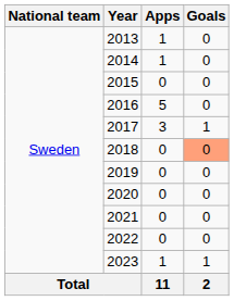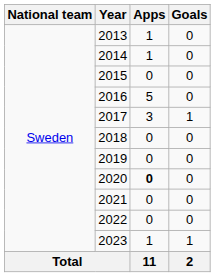 <table class="wikitable" style="text-align:center">
 <tr>
 <th>National team</th>
 <th>Year</th>
 <th>Apps</th>
 <th>Goals</th>
 </tr>
 <tr>
 <td rowspan="11"><a href='#'>Sweden</a></td>
 <td>2013</td>
 <td>1</td>
 <td>0</td>
 </tr>
 <tr>
 <td>2014</td>
 <td>1</td>
 <td>0</td>
 </tr>
 <tr>
 <td>2015</td>
 <td>0</td>
 <td>0</td>
 </tr>
 <tr>
 <td>2016</td>
 <td>5</td>
 <td>0</td>
 </tr>
 <tr>
 <td>2017</td>
 <td>3</td>
 <td>1</td>
 </tr>
 <tr>
 <td>2018</td>
 <td>0</td>
-<td style="background: lightsalmon;">0</td>
+<td>0</td>
 </tr>
 <tr>
 <td>2019</td>
 <td>0</td>
 <td>0</td>
 </tr>
 <tr>
 <td>2020</td>
-<td>0</td>
+<td><strong>0</strong></td>
 <td>0</td>
 </tr>
 <tr>
 <td>2021</td>
 <td>0</td>
 <td>0</td>
 </tr>
 <tr>
 <td>2022</td>
 <td>0</td>
 <td>0</td>
 </tr>
 <tr>
 <td>2023</td>
 <td>1</td>
 <td>1</td>
 </tr>
 <tr>
 <th colspan="2">Total</th>
 <th>11</th>
 <th>2</th>
 </tr>
 </table>
